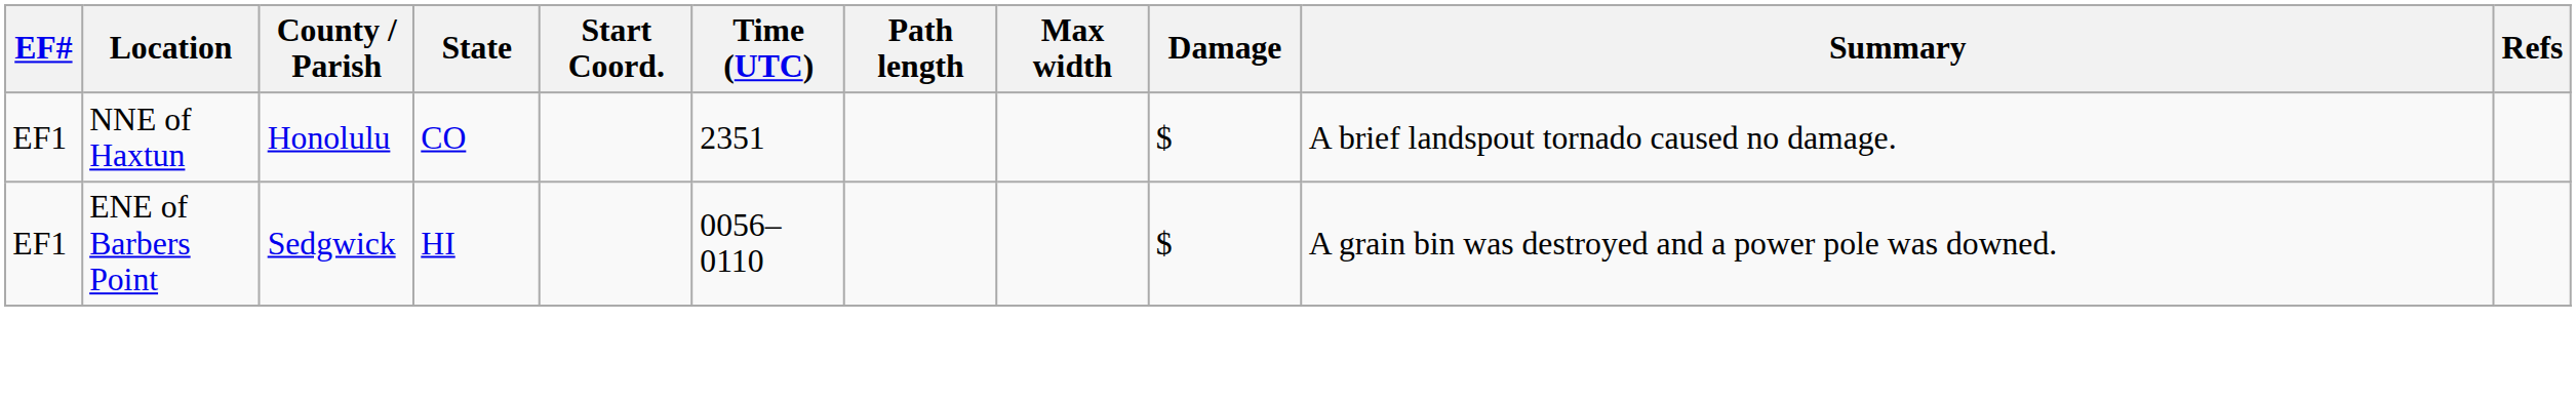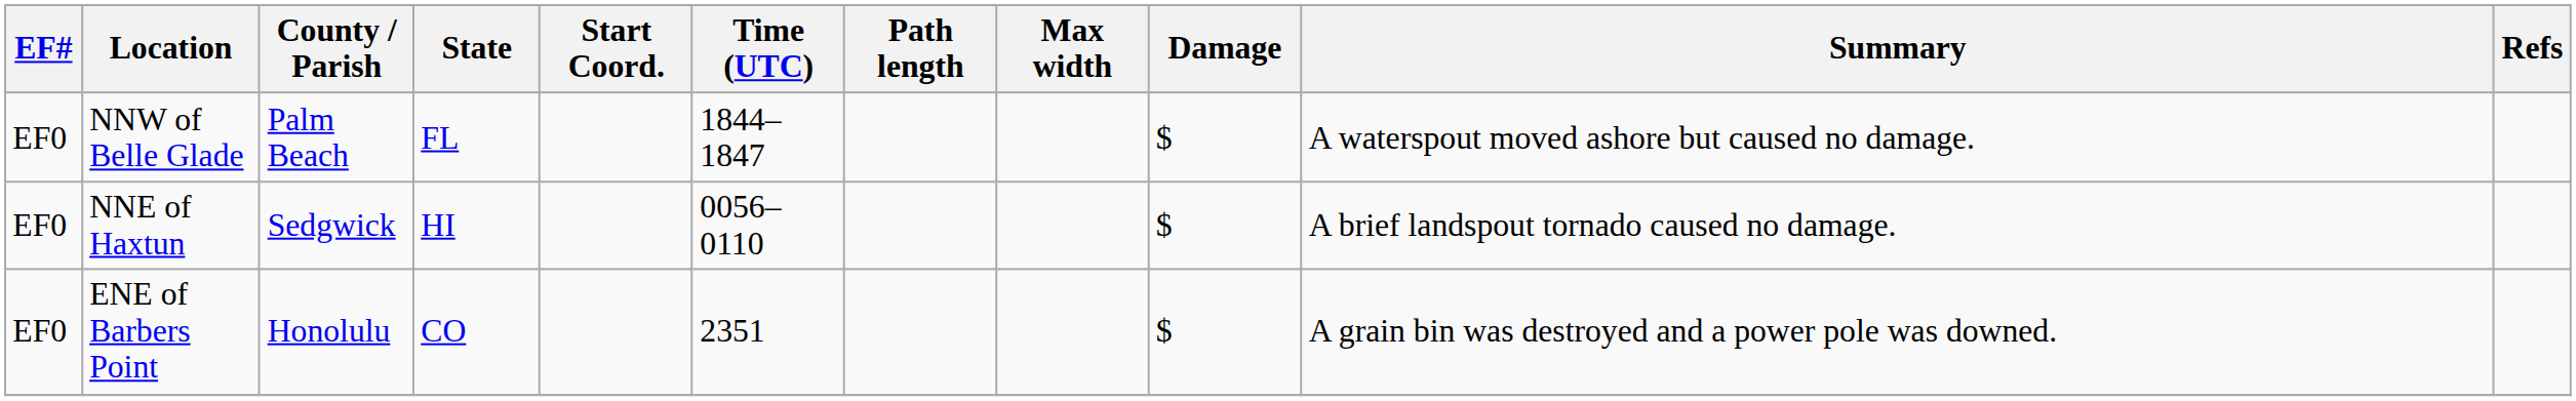 <table class="wikitable sortable" style="width:100%;">
 <tr>
 <th scope="col" width="3%" align="center"><a href='#'>EF#</a></th>
 <th scope="col" width="7%" align="center" class="unsortable">Location</th>
 <th scope="col" width="6%" align="center" class="unsortable">County / Parish</th>
 <th scope="col" width="5%" align="center">State</th>
 <th scope="col" width="6%" align="center">Start Coord.</th>
 <th scope="col" width="6%" align="center">Time (<a href='#'>UTC</a>)</th>
 <th scope="col" width="6%" align="center">Path length</th>
 <th scope="col" width="6%" align="center">Max width</th>
 <th scope="col" width="6%" align="center">Damage</th>
 <th scope="col" width="48%" class="unsortable" align="center">Summary</th>
 <th scope="col" width="48%" class="unsortable" align="center">Refs</th>
 </tr>
 <tr>
-<td>EF1</td>
+<td>EF0</td>
+<td>NNW of <a href='#'>Belle Glade</a></td>
+<td><a href='#'>Palm Beach</a></td>
+<td><a href='#'>FL</a></td>
+<td></td>
+<td>1844–1847</td>
+<td></td>
+<td></td>
+<td>$</td>
+<td>A waterspout moved ashore but caused no damage.</td>
+<td></td>
+</tr>
+<tr>
+<td>EF0</td>
 <td>NNE of <a href='#'>Haxtun</a></td>
-<td><a href='#'>Honolulu</a></td>
-<td><a href='#'>CO</a></td>
+<td><a href='#'>Sedgwick</a></td>
+<td><a href='#'>HI</a></td>
 <td></td>
-<td>2351</td>
+<td>0056–0110</td>
 <td></td>
 <td></td>
 <td>$</td>
 <td>A brief landspout tornado caused no damage.</td>
 <td></td>
 </tr>
 <tr>
-<td>EF1</td>
+<td>EF0</td>
 <td>ENE of <a href='#'>Barbers Point</a></td>
-<td><a href='#'>Sedgwick</a></td>
-<td><a href='#'>HI</a></td>
+<td><a href='#'>Honolulu</a></td>
+<td><a href='#'>CO</a></td>
 <td></td>
-<td>0056–0110</td>
+<td>2351</td>
 <td></td>
 <td></td>
 <td>$</td>
 <td>A grain bin was destroyed and a power pole was downed.</td>
 <td></td>
 </tr>
 <tr>
 </tr>
 </table>
